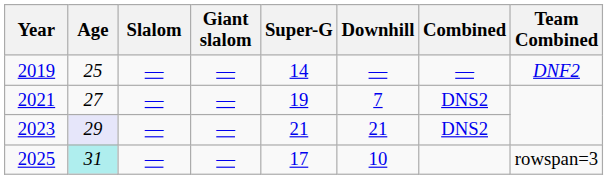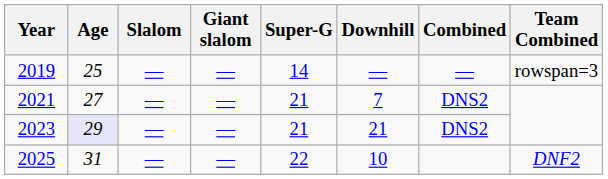 <table class=wikitable style="text-align:center">
 <tr>
 <th>  Year  </th>
 <th> Age </th>
 <th> Slalom </th>
 <th> Giant <br> slalom </th>
 <th>Super-G</th>
 <th>Downhill</th>
 <th>Combined</th>
 <th>Team<br>Combined</th>
 </tr>
 <tr>
 <td><a href='#'>2019</a></td>
 <td><em>25</em></td>
 <td><a href='#'>—</a></td>
 <td><a href='#'>—</a></td>
 <td><a href='#'>14</a></td>
 <td><a href='#'>—</a></td>
 <td><a href='#'>—</a></td>
-<td><a href='#'><em>DNF2</em></a></td>
+<td>rowspan=3</td>
 </tr>
 <tr>
 <td><a href='#'>2021</a></td>
 <td><em>27</em></td>
 <td><a href='#'>—</a></td>
 <td><a href='#'>—</a></td>
-<td><a href='#'>19</a></td>
+<td><a href='#'>21</a></td>
 <td><a href='#'>7</a></td>
 <td><a href='#'>DNS2</a></td>
 </tr>
 <tr>
 <td><a href='#'>2023</a></td>
 <td style="background: lavender;"><em>29</em></td>
 <td><a href='#'>—</a></td>
 <td><a href='#'>—</a></td>
 <td><a href='#'>21</a></td>
 <td><a href='#'>21</a></td>
 <td><a href='#'>DNS2</a></td>
 </tr>
 <tr>
 <td><a href='#'>2025</a></td>
-<td style="background: paleturquoise;"><em>31</em></td>
+<td><em>31</em></td>
 <td><a href='#'>—</a></td>
 <td><a href='#'>—</a></td>
-<td><a href='#'>17</a></td>
+<td><a href='#'>22</a></td>
 <td><a href='#'>10</a></td>
 <td></td>
-<td>rowspan=3</td>
+<td><a href='#'><em>DNF2</em></a></td>
 </tr>
 </table>
